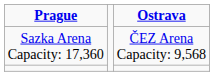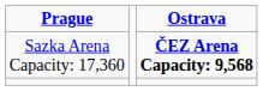 <table class="wikitable" style="text-align:center;">
 <tr>
 <td><strong><a href='#'>Prague</a></strong></td>
 <td rowspan="3"></td>
 <td><strong><a href='#'>Ostrava</a></strong></td>
 </tr>
 <tr>
 <td><a href='#'>Sazka Arena</a><br>Capacity: 17,360</td>
-<td><a href='#'>ČEZ Arena</a><br>Capacity: 9,568</td>
+<td><strong><a href='#'>ČEZ Arena</a><br>Capacity: 9,568</strong></td>
 </tr>
 <tr>
 <td></td>
 <td></td>
 </tr>
 </table>
